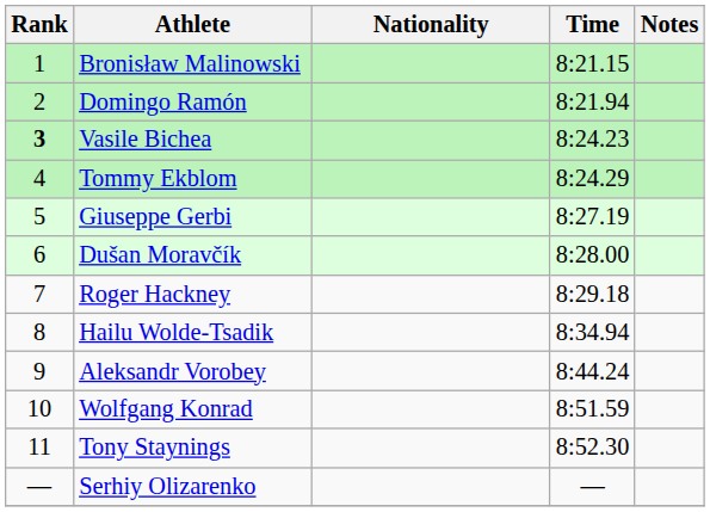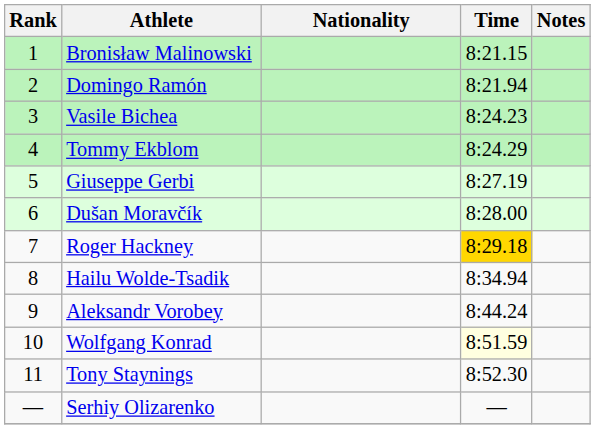 <table class="wikitable sortable" style="text-align:center">
 <tr>
 <th width=30>Rank</th>
 <th width=150>Athlete</th>
 <th width=150>Nationality</th>
 <th width=30>Time</th>
 <th width=30>Notes</th>
 </tr>
 <tr bgcolor=bbf3bb>
 <td>1</td>
 <td align="left"><a href='#'>Bronisław Malinowski</a></td>
 <td align="left"></td>
 <td>8:21.15</td>
 <td></td>
 </tr>
 <tr bgcolor=bbf3bb>
 <td>2</td>
 <td align="left"><a href='#'>Domingo Ramón</a></td>
 <td align="left"></td>
 <td>8:21.94</td>
 <td></td>
 </tr>
 <tr bgcolor=bbf3bb>
-<td><strong>3</strong></td>
+<td>3</td>
 <td align="left"><a href='#'>Vasile Bichea</a></td>
 <td align="left"></td>
 <td>8:24.23</td>
 <td></td>
 </tr>
 <tr bgcolor=bbf3bb>
 <td>4</td>
 <td align="left"><a href='#'>Tommy Ekblom</a></td>
 <td align="left"></td>
 <td>8:24.29</td>
 <td></td>
 </tr>
 <tr bgcolor=#ddffdd>
 <td>5</td>
 <td align="left"><a href='#'>Giuseppe Gerbi</a></td>
 <td align="left"></td>
 <td>8:27.19</td>
 <td></td>
 </tr>
 <tr bgcolor=#ddffdd>
 <td>6</td>
 <td align="left"><a href='#'>Dušan Moravčík</a></td>
 <td align="left"></td>
 <td>8:28.00</td>
 <td></td>
 </tr>
 <tr>
 <td>7</td>
 <td align="left"><a href='#'>Roger Hackney</a></td>
 <td align="left"></td>
-<td>8:29.18</td>
+<td style="background: gold;">8:29.18</td>
 <td></td>
 </tr>
 <tr>
 <td>8</td>
 <td align="left"><a href='#'>Hailu Wolde-Tsadik</a></td>
 <td align="left"></td>
 <td>8:34.94</td>
 <td></td>
 </tr>
 <tr>
 <td>9</td>
 <td align="left"><a href='#'>Aleksandr Vorobey</a></td>
 <td align="left"></td>
 <td>8:44.24</td>
 <td></td>
 </tr>
 <tr>
 <td>10</td>
 <td align="left"><a href='#'>Wolfgang Konrad</a></td>
 <td align="left"></td>
-<td>8:51.59</td>
+<td style="background: lightyellow;">8:51.59</td>
 <td></td>
 </tr>
 <tr>
 <td>11</td>
 <td align="left"><a href='#'>Tony Staynings</a></td>
 <td align="left"></td>
 <td>8:52.30</td>
 <td></td>
 </tr>
 <tr>
 <td>—</td>
 <td align="left"><a href='#'>Serhiy Olizarenko</a></td>
 <td align="left"></td>
 <td>—</td>
 <td></td>
 </tr>
 <tr>
 </tr>
 </table>
